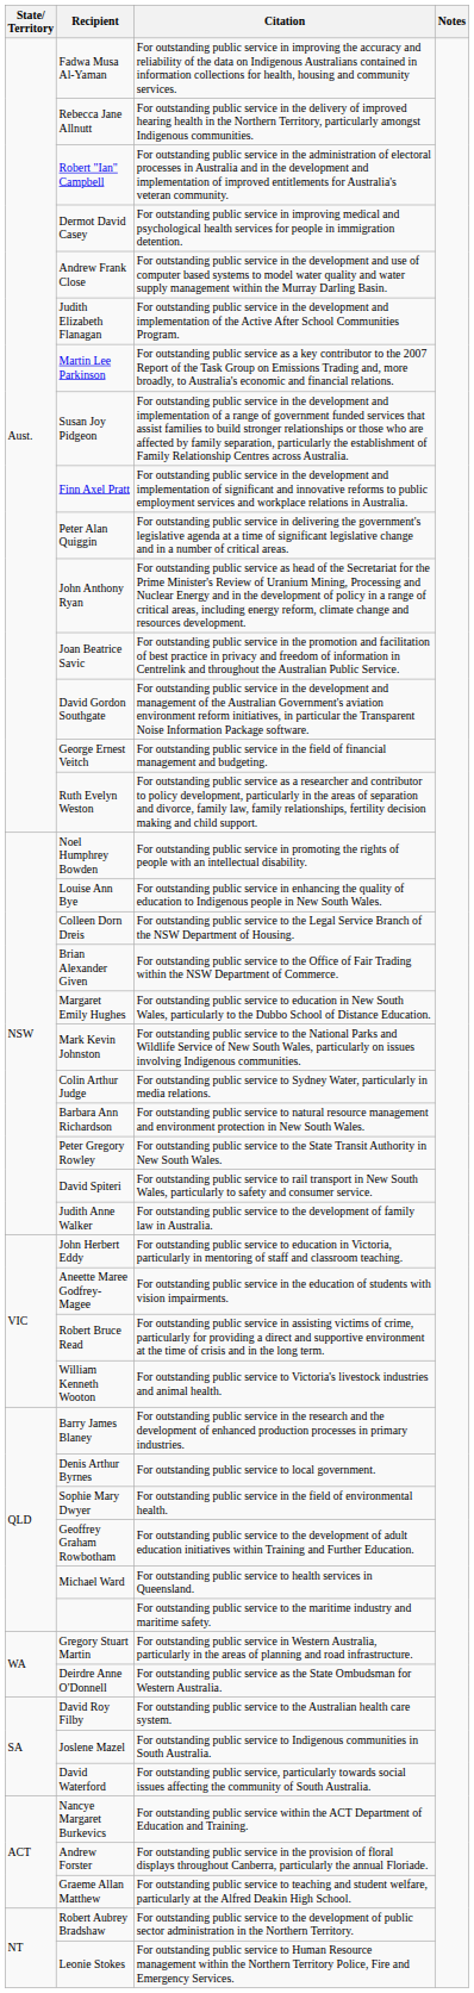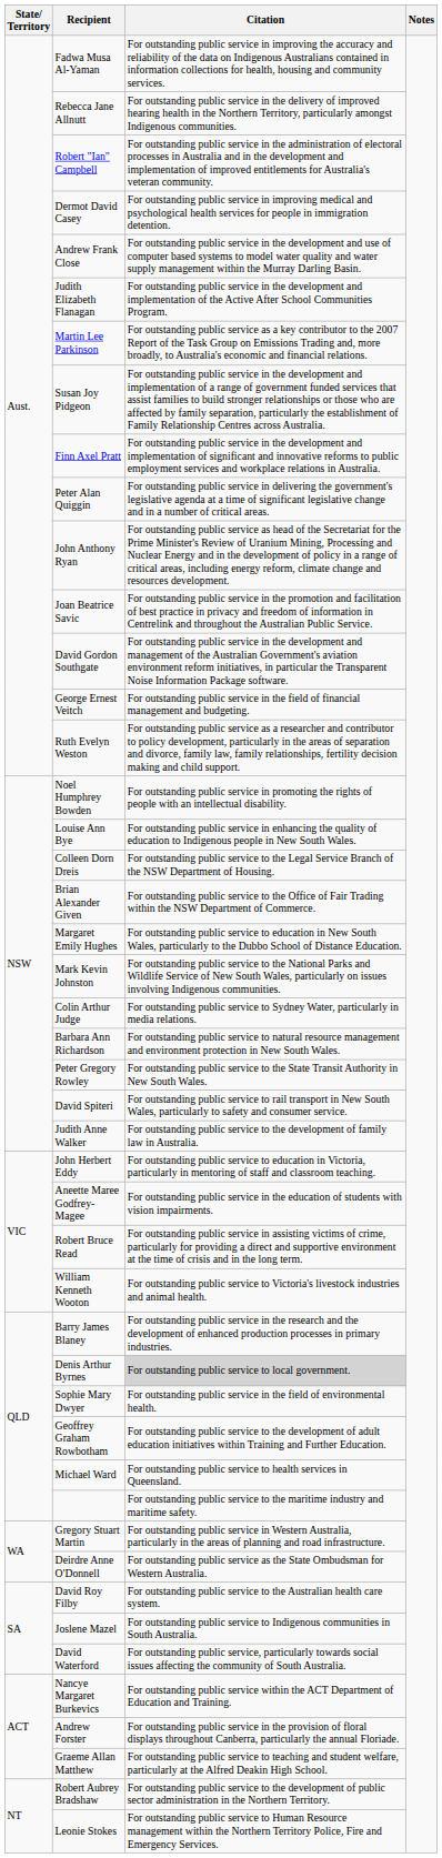 <table class="wikitable" style="font-size:95%;">
 <tr>
 <th>State/<br>Territory</th>
 <th>Recipient</th>
 <th>Citation</th>
 <th>Notes</th>
 </tr>
 <tr>
 <td rowspan=15>Aust.</td>
 <td> Fadwa Musa Al-Yaman</td>
 <td>For outstanding public service in improving the accuracy and reliability of the data on Indigenous Australians contained in information collections for health, housing and community services.</td>
 <td rowspan=46></td>
 </tr>
 <tr>
 <td>Rebecca Jane Allnutt</td>
 <td>For outstanding public service in the delivery of improved hearing health in the Northern Territory, particularly amongst Indigenous communities.</td>
 </tr>
 <tr>
 <td><a href='#'>Robert "Ian" Campbell</a></td>
 <td>For outstanding public service in the administration of electoral processes in Australia and in the development and implementation of improved entitlements for Australia's veteran community.</td>
 </tr>
 <tr>
 <td>Dermot David Casey</td>
 <td>For outstanding public service in improving medical and psychological health services for people in immigration detention.</td>
 </tr>
 <tr>
 <td>Andrew Frank Close</td>
 <td>For outstanding public service in the development and use of computer based systems to model water quality and water supply management within the Murray Darling Basin.</td>
 </tr>
 <tr>
 <td>Judith Elizabeth Flanagan</td>
 <td>For outstanding public service in the development and implementation of the Active After School Communities Program.</td>
 </tr>
 <tr>
 <td> <a href='#'>Martin Lee Parkinson</a></td>
 <td>For outstanding public service as a key contributor to the 2007 Report of the Task Group on Emissions Trading and, more broadly, to Australia's economic and financial relations.</td>
 </tr>
 <tr>
 <td>Susan Joy Pidgeon</td>
 <td>For outstanding public service in the development and implementation of a range of government funded services that assist families to build stronger relationships or those who are affected by family separation, particularly the establishment of Family Relationship Centres across Australia.</td>
 </tr>
 <tr>
 <td><a href='#'>Finn Axel Pratt</a></td>
 <td>For outstanding public service in the development and implementation of significant and innovative reforms to public employment services and workplace relations in Australia.</td>
 </tr>
 <tr>
 <td>Peter Alan Quiggin</td>
 <td>For outstanding public service in delivering the government's legislative agenda at a time of significant legislative change and in a number of critical areas.</td>
 </tr>
 <tr>
 <td>John Anthony Ryan</td>
 <td>For outstanding public service as head of the Secretariat for the Prime Minister's Review of Uranium Mining, Processing and Nuclear Energy and in the development of policy in a range of critical areas, including energy reform, climate change and resources development.</td>
 </tr>
 <tr>
 <td>Joan Beatrice Savic</td>
 <td>For outstanding public service in the promotion and facilitation of best practice in privacy and freedom of information in Centrelink and throughout the Australian Public Service.</td>
 </tr>
 <tr>
 <td>David Gordon Southgate</td>
 <td>For outstanding public service in the development and management of the Australian Government's aviation environment reform initiatives, in particular the Transparent Noise Information Package software.</td>
 </tr>
 <tr>
 <td>George Ernest Veitch</td>
 <td>For outstanding public service in the field of financial management and budgeting.</td>
 </tr>
 <tr>
 <td>Ruth Evelyn Weston</td>
 <td>For outstanding public service as a researcher and contributor to policy development, particularly in the areas of separation and divorce, family law, family relationships, fertility decision making and child support.</td>
 </tr>
 <tr>
 <td rowspan=11>NSW</td>
 <td>Noel Humphrey Bowden</td>
 <td>For outstanding public service in promoting the rights of people with an intellectual disability.</td>
 </tr>
 <tr>
 <td>Louise Ann Bye</td>
 <td>For outstanding public service in enhancing the quality of education to Indigenous people in New South Wales.</td>
 </tr>
 <tr>
 <td>Colleen Dorn Dreis</td>
 <td>For outstanding public service to the Legal Service Branch of the NSW Department of Housing.</td>
 </tr>
 <tr>
 <td>Brian Alexander Given</td>
 <td>For outstanding public service to the Office of Fair Trading within the NSW Department of Commerce.</td>
 </tr>
 <tr>
 <td>Margaret Emily Hughes</td>
 <td>For outstanding public service to education in New South Wales, particularly to the Dubbo School of Distance Education.</td>
 </tr>
 <tr>
 <td>Mark Kevin Johnston</td>
 <td>For outstanding public service to the National Parks and Wildlife Service of New South Wales, particularly on issues involving Indigenous communities.</td>
 </tr>
 <tr>
 <td>Colin Arthur Judge</td>
 <td>For outstanding public service to Sydney Water, particularly in media relations.</td>
 </tr>
 <tr>
 <td>Barbara Ann Richardson</td>
 <td>For outstanding public service to natural resource management and environment protection in New South Wales.</td>
 </tr>
 <tr>
 <td>Peter Gregory Rowley</td>
 <td>For outstanding public service to the State Transit Authority in New South Wales.</td>
 </tr>
 <tr>
 <td>David Spiteri</td>
 <td>For outstanding public service to rail transport in New South Wales, particularly to safety and consumer service.</td>
 </tr>
 <tr>
 <td>Judith Anne Walker</td>
 <td>For outstanding public service to the development of family law in Australia.</td>
 </tr>
 <tr>
 <td rowspan=4>VIC</td>
 <td>John Herbert Eddy</td>
 <td>For outstanding public service to education in Victoria, particularly in mentoring of staff and classroom teaching.</td>
 </tr>
 <tr>
 <td>Aneette Maree Godfrey-Magee</td>
 <td>For outstanding public service in the education of students with vision impairments.</td>
 </tr>
 <tr>
 <td>Robert Bruce Read</td>
 <td>For outstanding public service in assisting victims of crime, particularly for providing a direct and supportive environment at the time of crisis and in the long term.</td>
 </tr>
 <tr>
 <td>William Kenneth Wooton</td>
 <td>For outstanding public service to Victoria's livestock industries and animal health.</td>
 </tr>
 <tr>
 <td rowspan=6>QLD</td>
 <td>Barry James Blaney</td>
 <td>For outstanding public service in the research and the development of enhanced production processes in primary industries.</td>
 </tr>
 <tr>
 <td>Denis Arthur Byrnes</td>
-<td>For outstanding public service to local government.</td>
+<td style="background: lightgrey;">For outstanding public service to local government.</td>
 </tr>
 <tr>
 <td>Sophie Mary Dwyer</td>
 <td>For outstanding public service in the field of environmental health.</td>
 </tr>
 <tr>
 <td>Geoffrey Graham Rowbotham</td>
 <td>For outstanding public service to the development of adult education initiatives within Training and Further Education.</td>
 </tr>
 <tr>
 <td> Michael Ward</td>
 <td>For outstanding public service to health services in Queensland.</td>
 </tr>
 <tr>
 <td></td>
 <td>For outstanding public service to the maritime industry and maritime safety.</td>
 </tr>
 <tr>
 <td rowspan=2>WA</td>
 <td>Gregory Stuart Martin</td>
 <td>For outstanding public service in Western Australia, particularly in the areas of planning and road infrastructure.</td>
 </tr>
 <tr>
 <td>Deirdre Anne O'Donnell</td>
 <td>For outstanding public service as the State Ombudsman for Western Australia.</td>
 </tr>
 <tr>
 <td rowspan=3>SA</td>
 <td> David Roy Filby</td>
 <td>For outstanding public service to the Australian health care system.</td>
 </tr>
 <tr>
 <td>Joslene Mazel</td>
 <td>For outstanding public service to Indigenous communities in South Australia.</td>
 </tr>
 <tr>
 <td>David Waterford</td>
 <td>For outstanding public service, particularly towards social issues affecting the community of South Australia.</td>
 </tr>
 <tr>
 <td rowspan=3>ACT</td>
 <td>Nancye Margaret Burkevics</td>
 <td>For outstanding public service within the ACT Department of Education and Training.</td>
 </tr>
 <tr>
 <td>Andrew Forster</td>
 <td>For outstanding public service in the provision of floral displays throughout Canberra, particularly the annual Floriade.</td>
 </tr>
 <tr>
 <td>Graeme Allan Matthew</td>
 <td>For outstanding public service to teaching and student welfare, particularly at the Alfred Deakin High School.</td>
 </tr>
 <tr>
 <td rowspan=2>NT</td>
 <td>Robert Aubrey Bradshaw</td>
 <td>For outstanding public service to the development of public sector administration in the Northern Territory.</td>
 </tr>
 <tr>
 <td>Leonie Stokes</td>
 <td>For outstanding public service to Human Resource management within the Northern Territory Police, Fire and Emergency Services.</td>
 </tr>
 </table>
